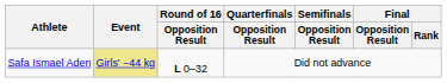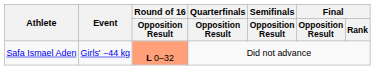 <table class="wikitable" style="font-size:90%;">
 <tr>
 <th rowspan=2>Athlete</th>
 <th rowspan=2>Event</th>
 <th>Round of 16</th>
 <th>Quarterfinals</th>
 <th>Semifinals</th>
 <th colspan=2>Final</th>
 </tr>
 <tr style="font-size:95%">
 <th>Opposition<br>Result</th>
 <th>Opposition<br>Result</th>
 <th>Opposition<br>Result</th>
 <th>Opposition<br>Result</th>
 <th>Rank</th>
 </tr>
 <tr align=center>
 <td align=left><a href='#'>Safa Ismael Aden</a></td>
-<td align=left style="background: khaki;"><a href='#'>Girls' −44 kg</a></td>
-<td><br><strong>L</strong> 0–32</td>
+<td align=left><a href='#'>Girls' −44 kg</a></td>
+<td style="background: lightsalmon;"><br><strong>L</strong> 0–32</td>
 <td colspan=4>Did not advance</td>
 </tr>
 </table>
